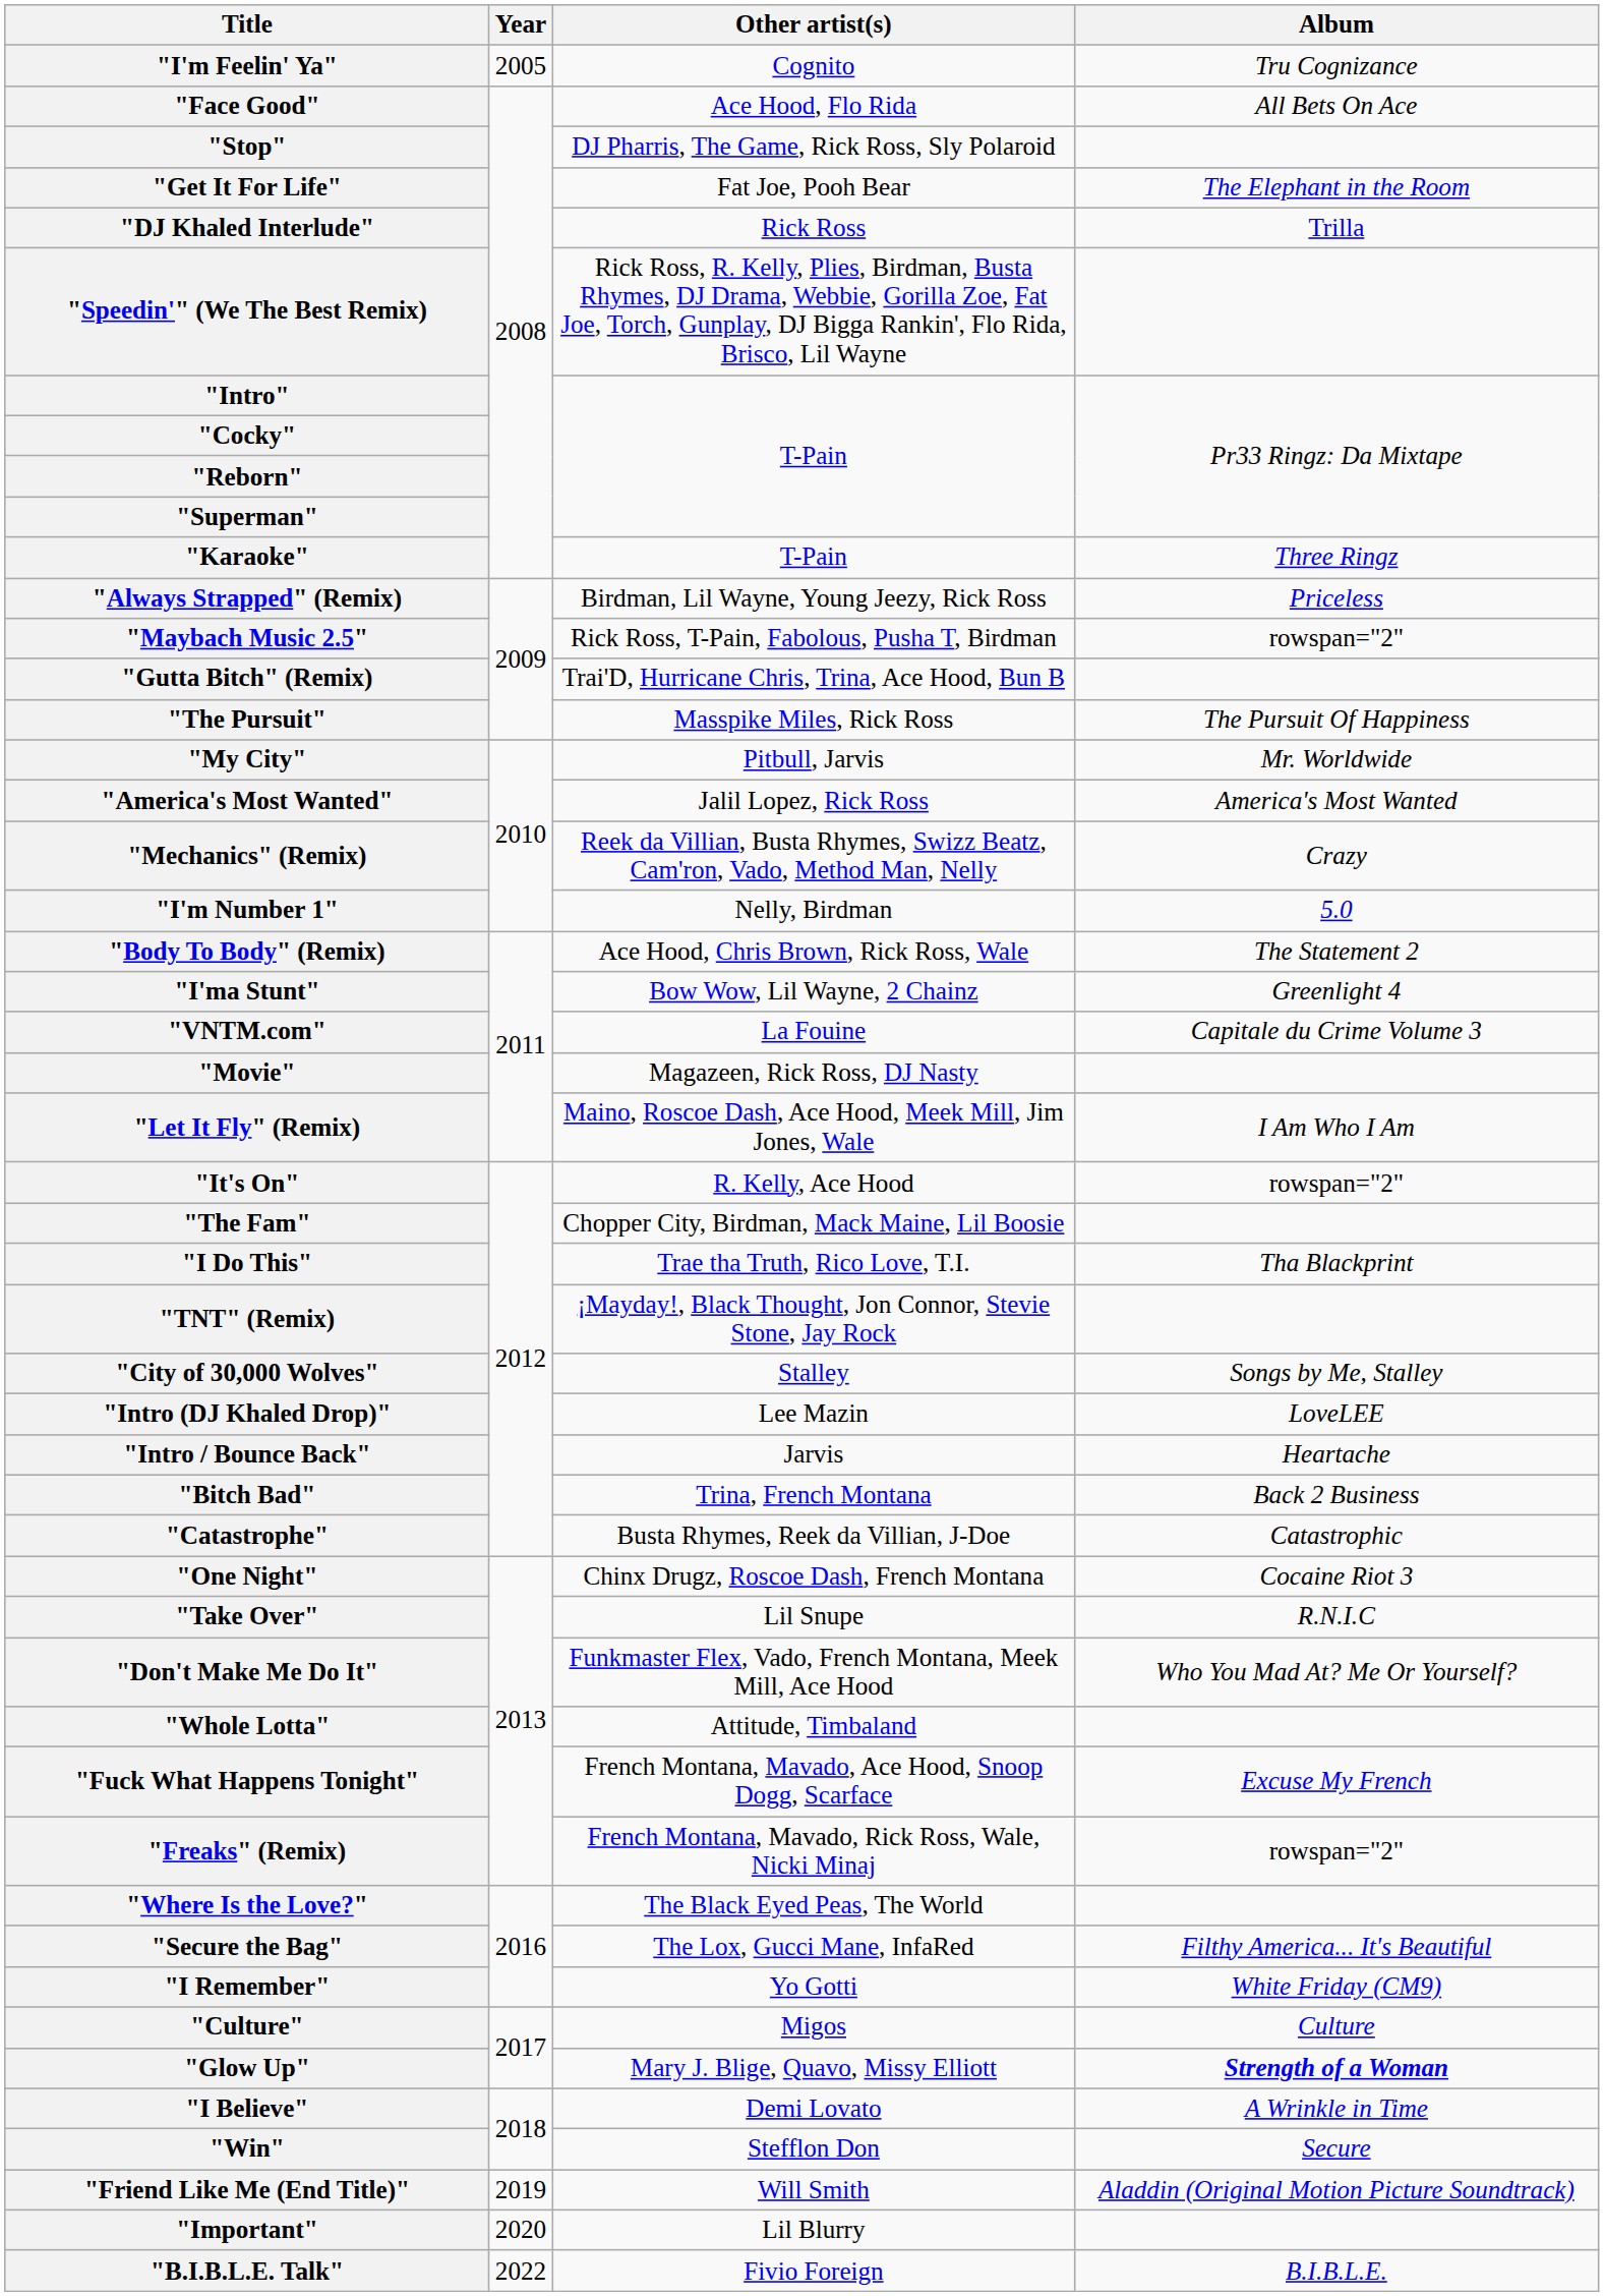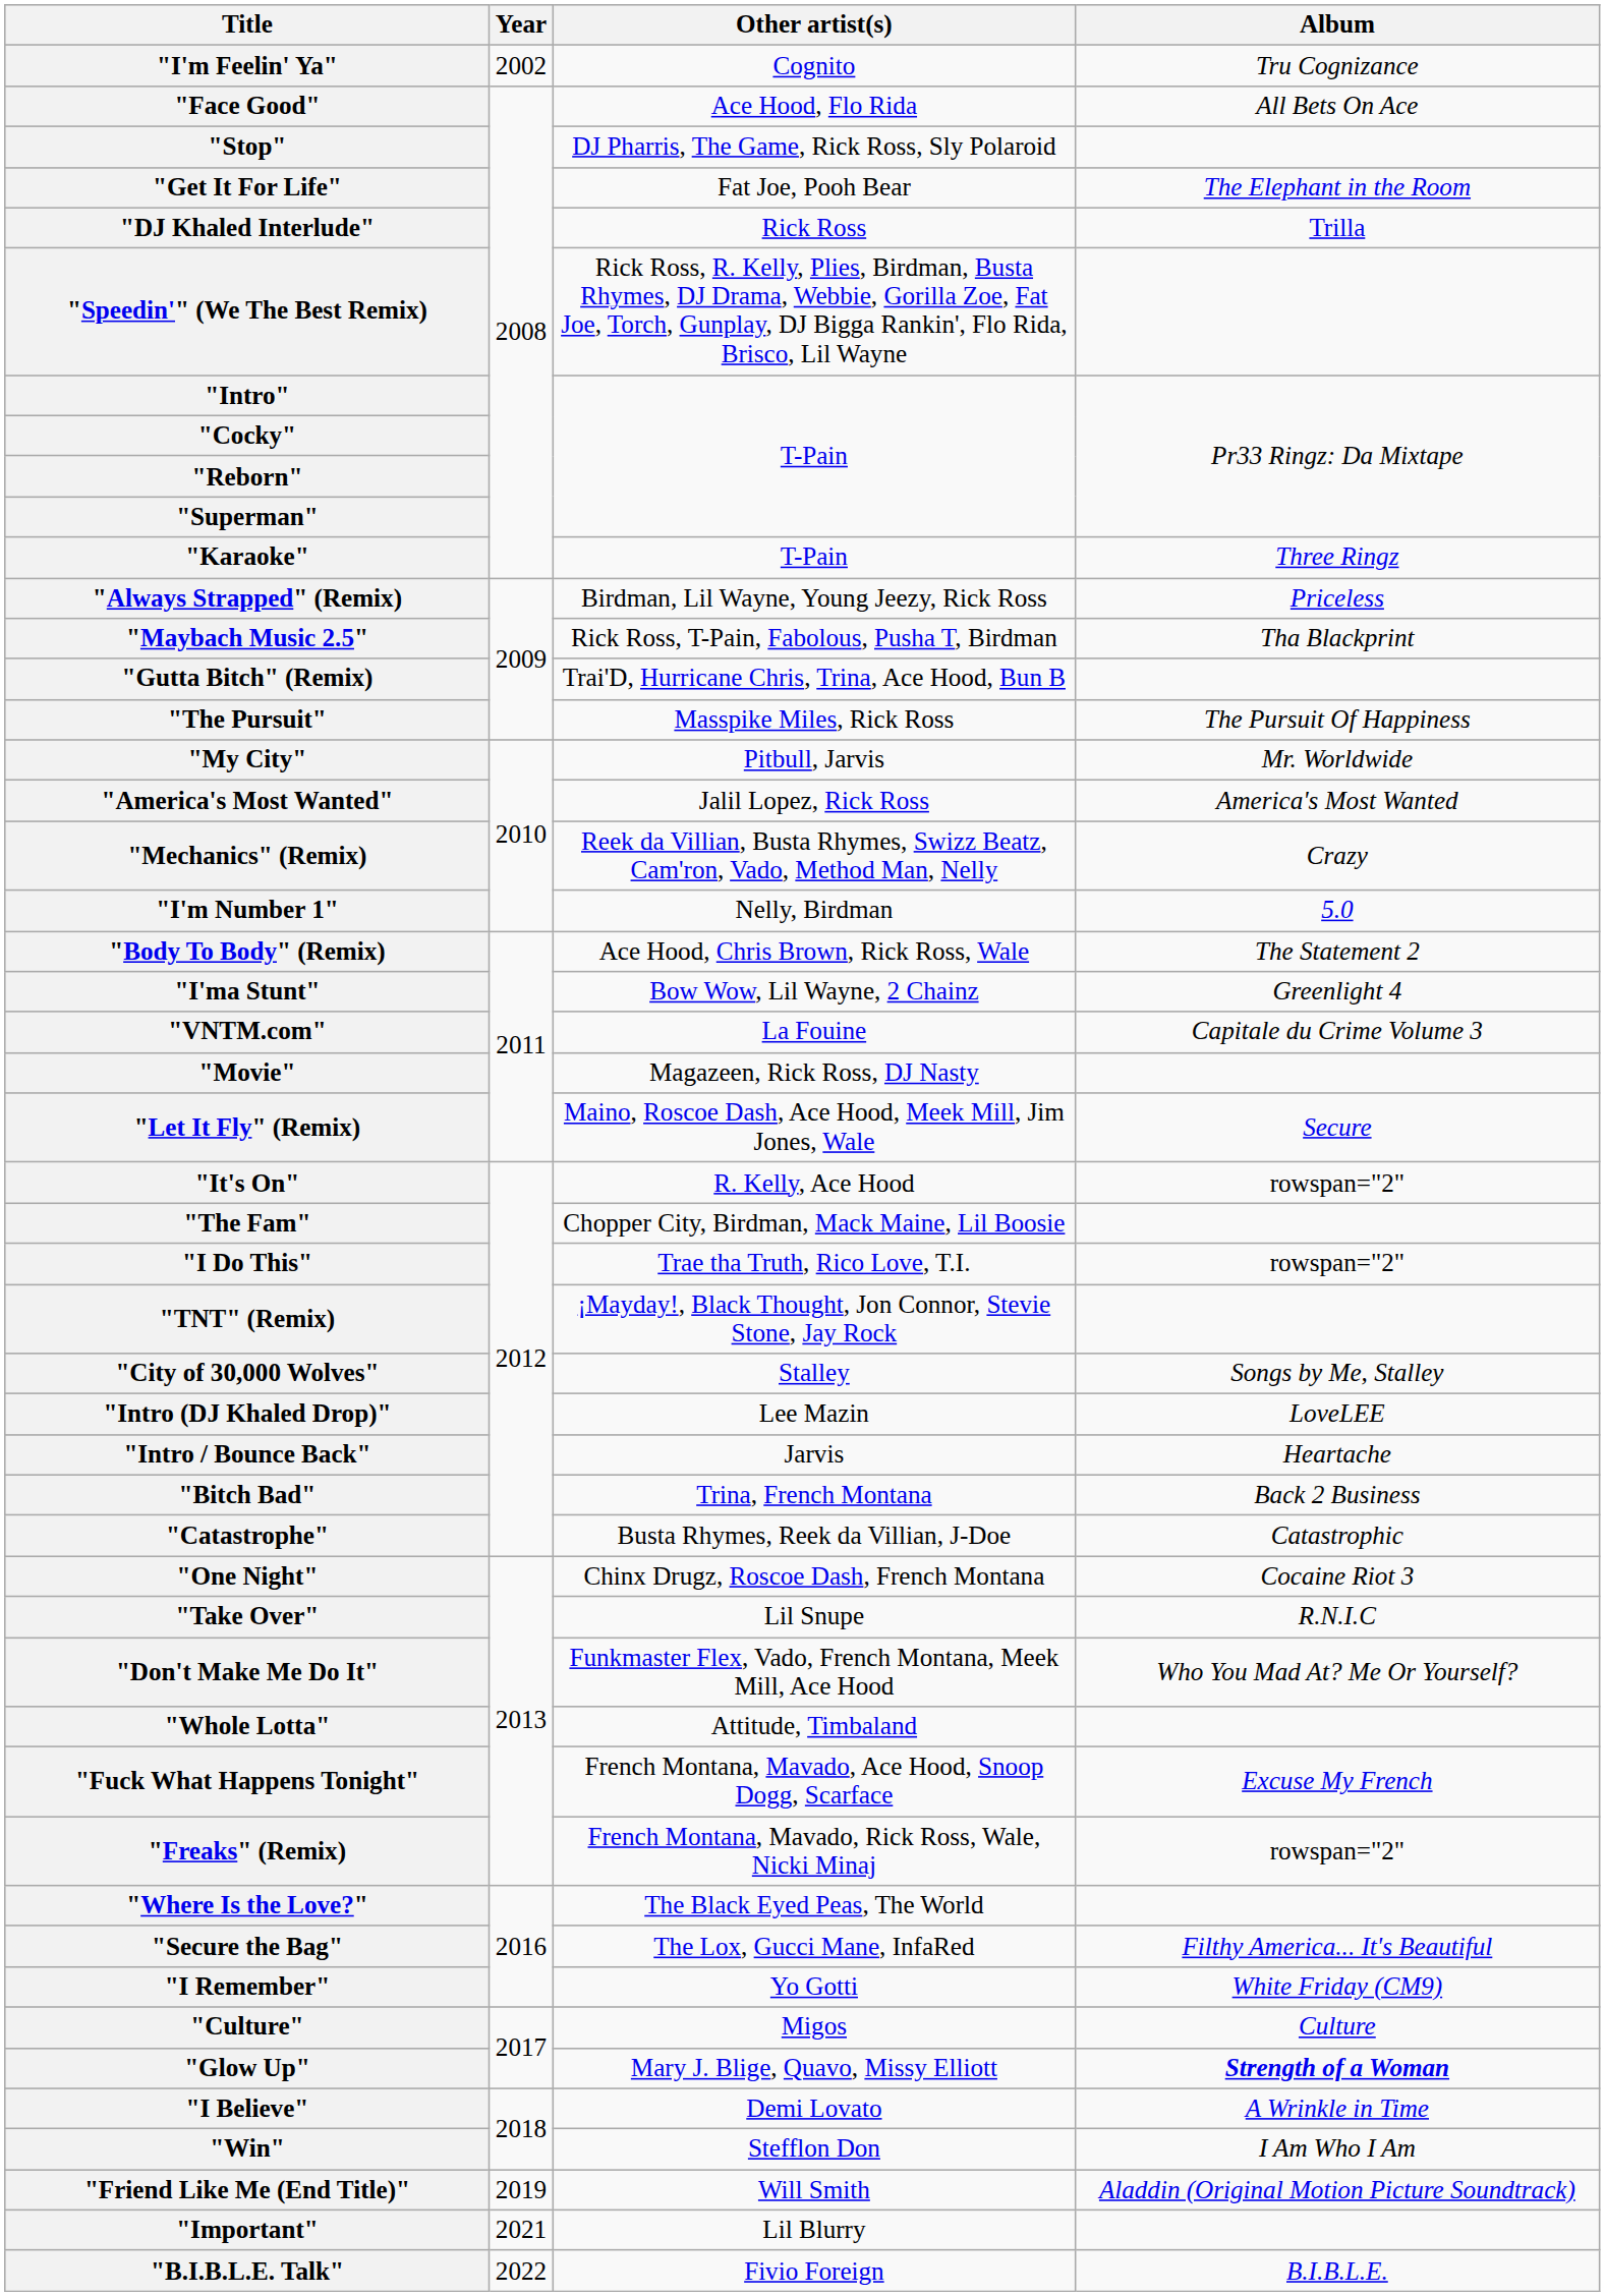 <table class="wikitable plainrowheaders" style="text-align:center;">
 <tr>
 <th scope="col" style="width:18.5em;">Title</th>
 <th scope="col" style="width:1em;">Year</th>
 <th scope="col" style="width:20em;">Other artist(s)</th>
 <th scope="col" style="width:20em;">Album</th>
 </tr>
 <tr>
 <th scope="row">"I'm Feelin' Ya"</th>
-<td>2005</td>
+<td>2002</td>
 <td><a href='#'>Cognito</a></td>
 <td><em>Tru Cognizance</em></td>
 </tr>
 <tr>
 <th scope="row">"Face Good"</th>
 <td rowspan="10">2008</td>
 <td><a href='#'>Ace Hood</a>, <a href='#'>Flo Rida</a></td>
 <td><em>All Bets On Ace</em></td>
 </tr>
 <tr>
 <th scope="row">"Stop"</th>
 <td><a href='#'>DJ Pharris</a>, <a href='#'>The Game</a>, Rick Ross, Sly Polaroid</td>
 <td></td>
 </tr>
 <tr>
 <th scope="row">"Get It For Life"</th>
 <td>Fat Joe, Pooh Bear</td>
 <td><em><a href='#'>The Elephant in the Room</a></em></td>
 </tr>
 <tr>
 <th scope="row">"DJ Khaled Interlude"</th>
 <td><a href='#'>Rick Ross</a></td>
 <td><a href='#'>Trilla</a></td>
 </tr>
 <tr>
 <th scope="row">"<a href='#'>Speedin'</a>" (We The Best Remix)</th>
 <td>Rick Ross, <a href='#'>R. Kelly</a>, <a href='#'>Plies</a>, Birdman, <a href='#'>Busta Rhymes</a>, <a href='#'>DJ Drama</a>, <a href='#'>Webbie</a>, <a href='#'>Gorilla Zoe</a>, <a href='#'>Fat Joe</a>, <a href='#'>Torch</a>, <a href='#'>Gunplay</a>, DJ Bigga Rankin', Flo Rida, <a href='#'>Brisco</a>, Lil Wayne</td>
 <td></td>
 </tr>
 <tr>
 <th scope="row">"Intro"</th>
 <td rowspan="4"><a href='#'>T-Pain</a></td>
 <td rowspan="4"><em>Pr33 Ringz: Da Mixtape</em></td>
 </tr>
 <tr>
 <th scope="row">"Cocky"</th>
 </tr>
 <tr>
 <th scope="row">"Reborn"</th>
 </tr>
 <tr>
 <th scope="row">"Superman"</th>
 </tr>
 <tr>
 <th scope="row">"Karaoke"</th>
 <td><a href='#'>T-Pain</a></td>
 <td><em><a href='#'>Three Ringz</a></em></td>
 </tr>
 <tr>
 <th scope="row">"<a href='#'>Always Strapped</a>" (Remix)</th>
 <td rowspan="4">2009</td>
 <td>Birdman, Lil Wayne, Young Jeezy, Rick Ross</td>
 <td><em><a href='#'>Priceless</a></em></td>
 </tr>
 <tr>
 <th scope="row">"<a href='#'>Maybach Music 2.5</a>"</th>
 <td>Rick Ross, T-Pain, <a href='#'>Fabolous</a>, <a href='#'>Pusha T</a>, Birdman</td>
-<td>rowspan="2" </td>
+<td><em>Tha Blackprint</em></td>
 </tr>
 <tr>
 <th scope="row">"Gutta Bitch" (Remix)</th>
 <td>Trai'D, <a href='#'>Hurricane Chris</a>, <a href='#'>Trina</a>, Ace Hood, <a href='#'>Bun B</a></td>
 </tr>
 <tr>
 <th scope="row">"The Pursuit"</th>
 <td><a href='#'>Masspike Miles</a>, Rick Ross</td>
 <td><em>The Pursuit Of Happiness</em></td>
 </tr>
 <tr>
 <th scope="row">"My City"</th>
 <td rowspan="4">2010</td>
 <td><a href='#'>Pitbull</a>, Jarvis</td>
 <td><em>Mr. Worldwide</em></td>
 </tr>
 <tr>
 <th scope="row">"America's Most Wanted"</th>
 <td>Jalil Lopez, <a href='#'>Rick Ross</a></td>
 <td><em>America's Most Wanted</em></td>
 </tr>
 <tr>
 <th scope="row">"Mechanics" (Remix)</th>
 <td><a href='#'>Reek da Villian</a>, Busta Rhymes, <a href='#'>Swizz Beatz</a>, <a href='#'>Cam'ron</a>, <a href='#'>Vado</a>, <a href='#'>Method Man</a>, <a href='#'>Nelly</a></td>
 <td><em>Crazy</em></td>
 </tr>
 <tr>
 <th scope="row">"I'm Number 1"</th>
 <td>Nelly, Birdman</td>
 <td><em><a href='#'>5.0</a></em></td>
 </tr>
 <tr>
 <th scope="row">"<a href='#'>Body To Body</a>" (Remix)</th>
 <td rowspan="5">2011</td>
 <td>Ace Hood, <a href='#'>Chris Brown</a>, Rick Ross, <a href='#'>Wale</a></td>
 <td><em>The Statement 2</em></td>
 </tr>
 <tr>
 <th scope="row">"I'ma Stunt"</th>
 <td><a href='#'>Bow Wow</a>, Lil Wayne, <a href='#'>2 Chainz</a></td>
 <td><em>Greenlight 4</em></td>
 </tr>
 <tr>
 <th scope="row">"VNTM.com"</th>
 <td><a href='#'>La Fouine</a></td>
 <td><em>Capitale du Crime Volume 3</em></td>
 </tr>
 <tr>
 <th scope="row">"Movie"</th>
 <td>Magazeen, Rick Ross, <a href='#'>DJ Nasty</a></td>
 <td></td>
 </tr>
 <tr>
 <th scope="row">"<a href='#'>Let It Fly</a>" (Remix)</th>
 <td><a href='#'>Maino</a>, <a href='#'>Roscoe Dash</a>, Ace Hood, <a href='#'>Meek Mill</a>, Jim Jones, <a href='#'>Wale</a></td>
-<td><em>I Am Who I Am</em></td>
+<td><em><a href='#'>Secure</a></em></td>
 </tr>
 <tr>
 <th scope="row">"It's On"</th>
 <td rowspan="9">2012</td>
 <td><a href='#'>R. Kelly</a>, Ace Hood</td>
 <td>rowspan="2" </td>
 </tr>
 <tr>
 <th scope="row">"The Fam"</th>
 <td>Chopper City, Birdman, <a href='#'>Mack Maine</a>, <a href='#'>Lil Boosie</a></td>
 </tr>
 <tr>
 <th scope="row">"I Do This"</th>
 <td><a href='#'>Trae tha Truth</a>, <a href='#'>Rico Love</a>, T.I.</td>
-<td><em>Tha Blackprint</em></td>
+<td>rowspan="2" </td>
 </tr>
 <tr>
 <th scope="row">"TNT" (Remix)</th>
 <td><a href='#'>¡Mayday!</a>, <a href='#'>Black Thought</a>, Jon Connor, <a href='#'>Stevie Stone</a>, <a href='#'>Jay Rock</a></td>
 <td></td>
 </tr>
 <tr>
 <th scope="row">"City of 30,000 Wolves"</th>
 <td><a href='#'>Stalley</a></td>
 <td><em>Songs by Me, Stalley</em></td>
 </tr>
 <tr>
 <th scope="row">"Intro (DJ Khaled Drop)"</th>
 <td>Lee Mazin</td>
 <td><em>LoveLEE</em></td>
 </tr>
 <tr>
 <th scope="row">"Intro / Bounce Back"</th>
 <td>Jarvis</td>
 <td><em>Heartache</em></td>
 </tr>
 <tr>
 <th scope="row">"Bitch Bad"</th>
 <td><a href='#'>Trina</a>, <a href='#'>French Montana</a></td>
 <td><em>Back 2 Business</em></td>
 </tr>
 <tr>
 <th scope="row">"Catastrophe"</th>
 <td>Busta Rhymes, Reek da Villian, J-Doe</td>
 <td><em>Catastrophic</em></td>
 </tr>
 <tr>
 <th scope="row">"One Night"</th>
 <td rowspan="6">2013</td>
 <td>Chinx Drugz, <a href='#'>Roscoe Dash</a>, French Montana</td>
 <td><em>Cocaine Riot 3</em></td>
 </tr>
 <tr>
 <th scope="row">"Take Over"</th>
 <td>Lil Snupe</td>
 <td><em>R.N.I.C</em></td>
 </tr>
 <tr>
 <th scope="row">"Don't Make Me Do It"</th>
 <td><a href='#'>Funkmaster Flex</a>, Vado, French Montana, Meek Mill, Ace Hood</td>
 <td><em>Who You Mad At? Me Or Yourself?</em></td>
 </tr>
 <tr>
 <th scope="row">"Whole Lotta"</th>
 <td>Attitude, <a href='#'>Timbaland</a></td>
 <td></td>
 </tr>
 <tr>
 <th scope="row">"Fuck What Happens Tonight"</th>
 <td>French Montana, <a href='#'>Mavado</a>, Ace Hood, <a href='#'>Snoop Dogg</a>, <a href='#'>Scarface</a></td>
 <td><em><a href='#'>Excuse My French</a></em></td>
 </tr>
 <tr>
 <th scope="row">"<a href='#'>Freaks</a>" (Remix)</th>
 <td><a href='#'>French Montana</a>, Mavado, Rick Ross, Wale, <a href='#'>Nicki Minaj</a></td>
 <td>rowspan="2" </td>
 </tr>
 <tr>
 <th scope="row">"<a href='#'>Where Is the Love?</a>"</th>
 <td rowspan="3">2016</td>
 <td><a href='#'>The Black Eyed Peas</a>, The World</td>
 </tr>
 <tr>
 <th scope="row">"Secure the Bag"</th>
 <td><a href='#'>The Lox</a>, <a href='#'>Gucci Mane</a>, InfaRed</td>
 <td><em><a href='#'>Filthy America... It's Beautiful</a></em></td>
 </tr>
 <tr>
 <th scope="row">"I Remember"</th>
 <td><a href='#'>Yo Gotti</a></td>
 <td><em><a href='#'>White Friday (CM9)</a></em></td>
 </tr>
 <tr>
 <th scope="row">"Culture"</th>
 <td rowspan="2">2017</td>
 <td><a href='#'>Migos</a></td>
 <td><em><a href='#'>Culture</a></em></td>
 </tr>
 <tr>
 <th scope="row">"Glow Up"</th>
 <td><a href='#'>Mary J. Blige</a>, <a href='#'>Quavo</a>, <a href='#'>Missy Elliott</a></td>
 <td><strong><em><a href='#'>Strength of a Woman</a></em></strong></td>
 </tr>
 <tr>
 <th scope="row">"I Believe"</th>
 <td rowspan="2">2018</td>
 <td><a href='#'>Demi Lovato</a></td>
 <td><em><a href='#'>A Wrinkle in Time</a></em></td>
 </tr>
 <tr>
 <th scope="row">"Win"</th>
 <td><a href='#'>Stefflon Don</a></td>
-<td><em><a href='#'>Secure</a></em></td>
+<td><em>I Am Who I Am</em></td>
 </tr>
 <tr>
 <th scope="row">"Friend Like Me (End Title)"</th>
 <td>2019</td>
 <td><a href='#'>Will Smith</a></td>
 <td><em><a href='#'>Aladdin (Original Motion Picture Soundtrack)</a></em></td>
 </tr>
 <tr>
 <th scope="row">"Important"</th>
-<td>2020</td>
+<td>2021</td>
 <td>Lil Blurry</td>
 <td></td>
 </tr>
 <tr>
 <th scope="row">"B.I.B.L.E. Talk"</th>
 <td>2022</td>
 <td><a href='#'>Fivio Foreign</a></td>
 <td><em><a href='#'>B.I.B.L.E.</a></em></td>
 </tr>
 </table>
